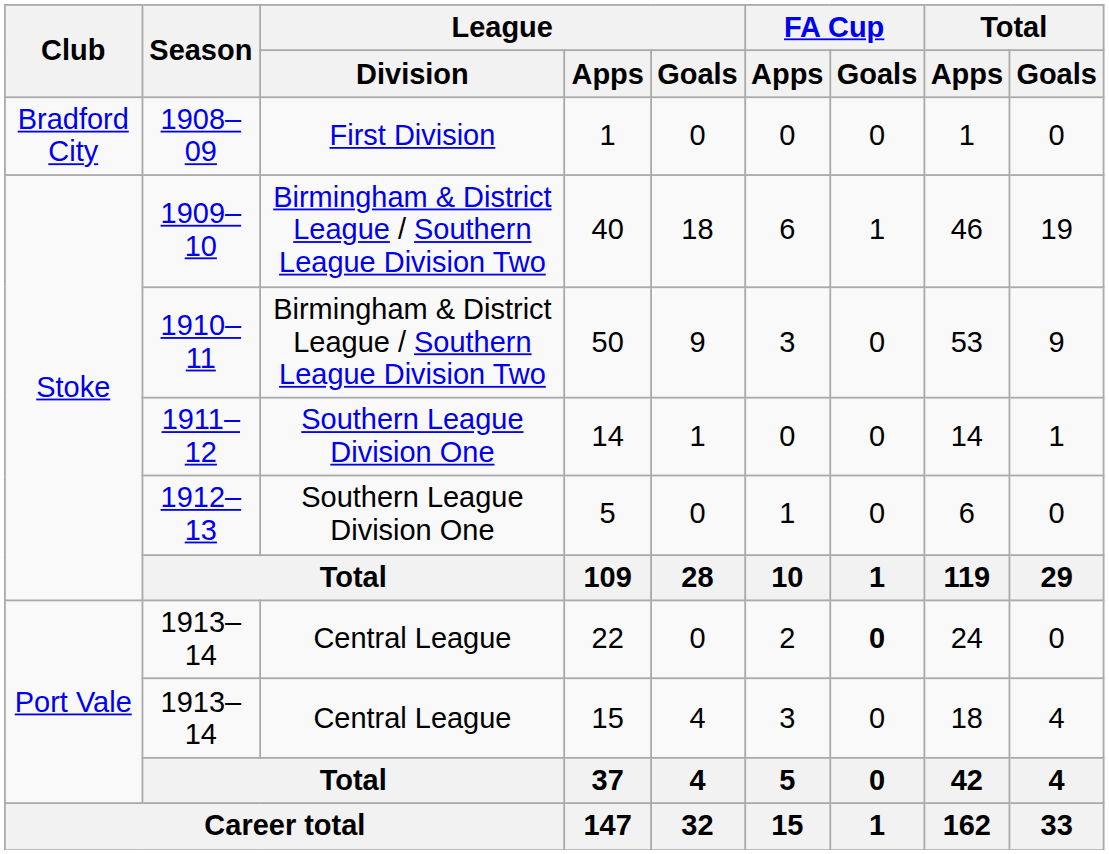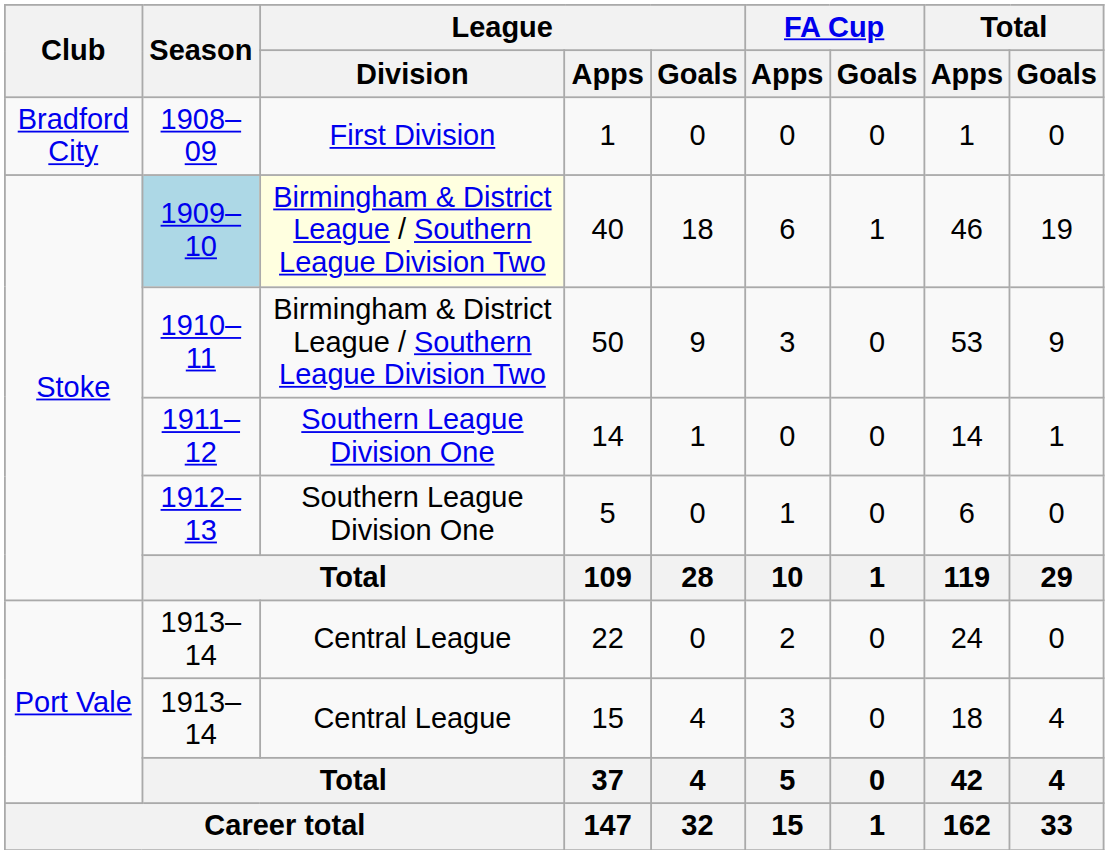 <table class="wikitable" style="text-align:center">
 <tr>
 <th rowspan="2">Club</th>
 <th rowspan="2">Season</th>
 <th colspan="3">League</th>
 <th colspan="2"><a href='#'>FA Cup</a></th>
 <th colspan="2">Total</th>
 </tr>
 <tr>
 <th>Division</th>
 <th>Apps</th>
 <th>Goals</th>
 <th>Apps</th>
 <th>Goals</th>
 <th>Apps</th>
 <th>Goals</th>
 </tr>
 <tr>
 <td><a href='#'>Bradford City</a></td>
 <td><a href='#'>1908–09</a></td>
 <td><a href='#'>First Division</a></td>
 <td>1</td>
 <td>0</td>
 <td>0</td>
 <td>0</td>
 <td>1</td>
 <td>0</td>
 </tr>
 <tr>
 <td rowspan="5"><a href='#'>Stoke</a></td>
-<td><a href='#'>1909–10</a></td>
-<td><a href='#'>Birmingham & District League</a> / <a href='#'>Southern League Division Two</a></td>
+<td style="background: lightblue;"><a href='#'>1909–10</a></td>
+<td style="background: lightyellow;"><a href='#'>Birmingham & District League</a> / <a href='#'>Southern League Division Two</a></td>
 <td>40</td>
 <td>18</td>
 <td>6</td>
 <td>1</td>
 <td>46</td>
 <td>19</td>
 </tr>
 <tr>
 <td><a href='#'>1910–11</a></td>
 <td>Birmingham & District League / <a href='#'>Southern League Division Two</a></td>
 <td>50</td>
 <td>9</td>
 <td>3</td>
 <td>0</td>
 <td>53</td>
 <td>9</td>
 </tr>
 <tr>
 <td><a href='#'>1911–12</a></td>
 <td><a href='#'>Southern League Division One</a></td>
 <td>14</td>
 <td>1</td>
 <td>0</td>
 <td>0</td>
 <td>14</td>
 <td>1</td>
 </tr>
 <tr>
 <td><a href='#'>1912–13</a></td>
 <td>Southern League Division One</td>
 <td>5</td>
 <td>0</td>
 <td>1</td>
 <td>0</td>
 <td>6</td>
 <td>0</td>
 </tr>
 <tr>
 <th colspan="2">Total</th>
 <th>109</th>
 <th>28</th>
 <th>10</th>
 <th>1</th>
 <th>119</th>
 <th>29</th>
 </tr>
 <tr>
 <td rowspan="3"><a href='#'>Port Vale</a></td>
 <td>1913–14</td>
 <td>Central League</td>
 <td>22</td>
 <td>0</td>
 <td>2</td>
-<td><strong>0</strong></td>
+<td>0</td>
 <td>24</td>
 <td>0</td>
 </tr>
 <tr>
 <td>1913–14</td>
 <td>Central League</td>
 <td>15</td>
 <td>4</td>
 <td>3</td>
 <td>0</td>
 <td>18</td>
 <td>4</td>
 </tr>
 <tr>
 <th colspan="2">Total</th>
 <th>37</th>
 <th>4</th>
 <th>5</th>
 <th>0</th>
 <th>42</th>
 <th>4</th>
 </tr>
 <tr>
 <th colspan="3">Career total</th>
 <th>147</th>
 <th>32</th>
 <th>15</th>
 <th>1</th>
 <th>162</th>
 <th>33</th>
 </tr>
 </table>
